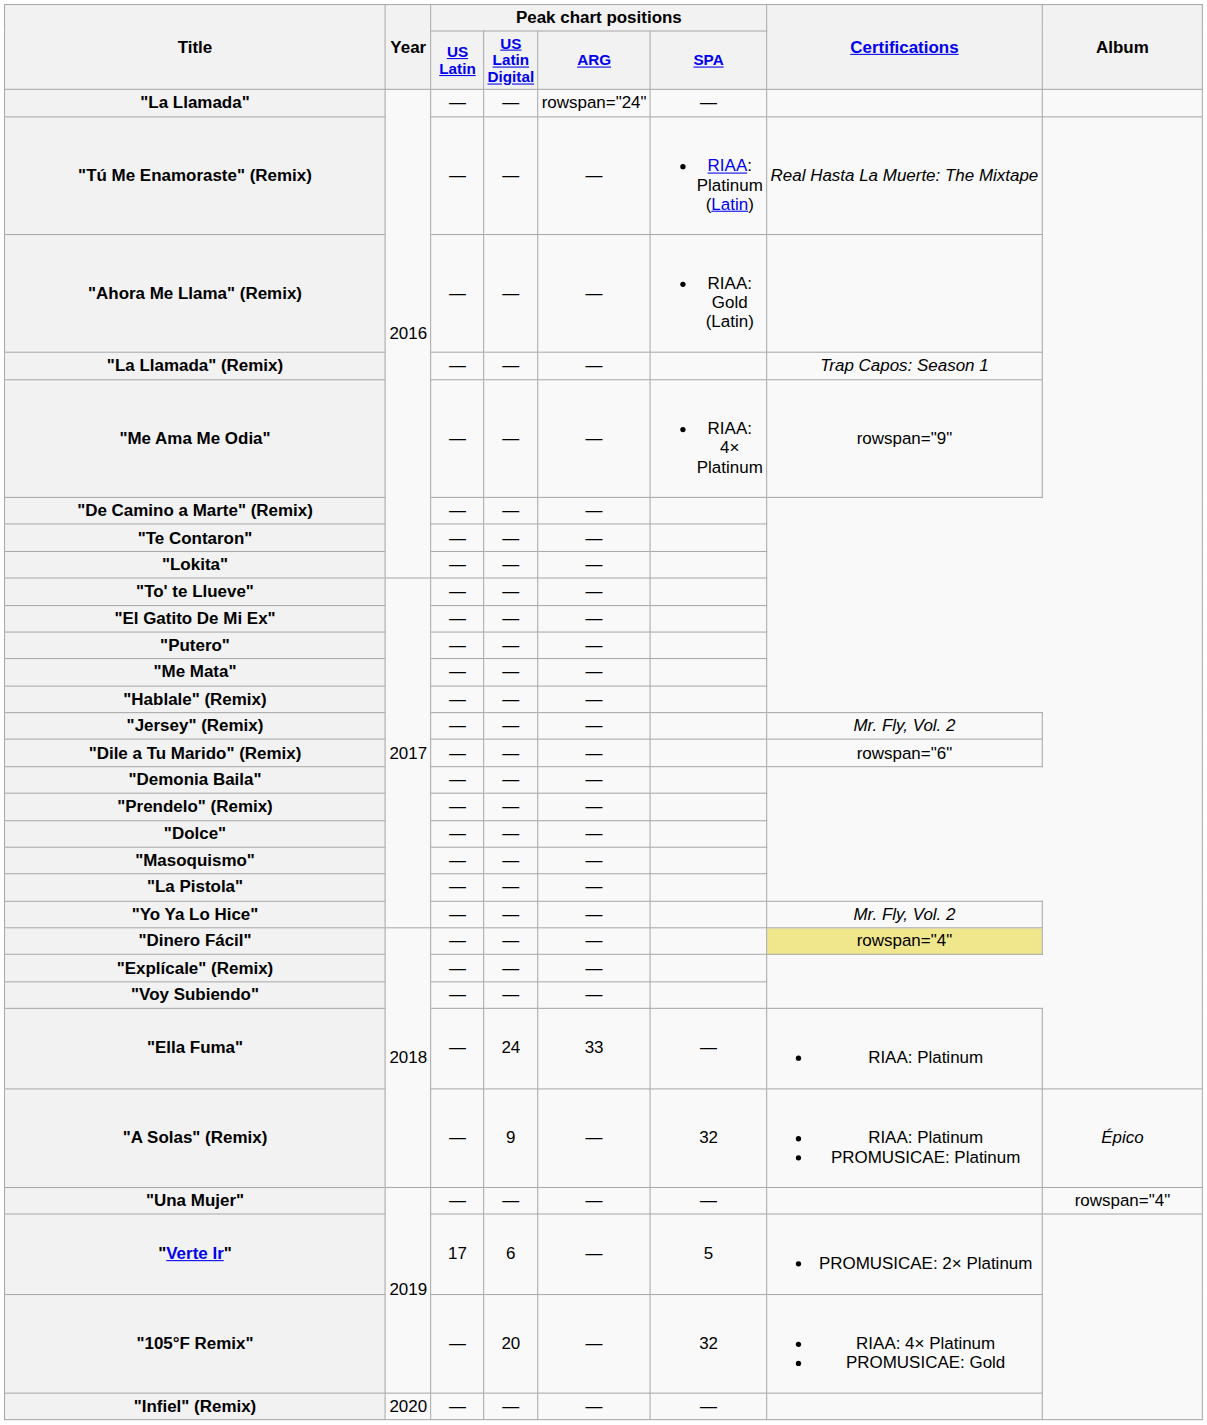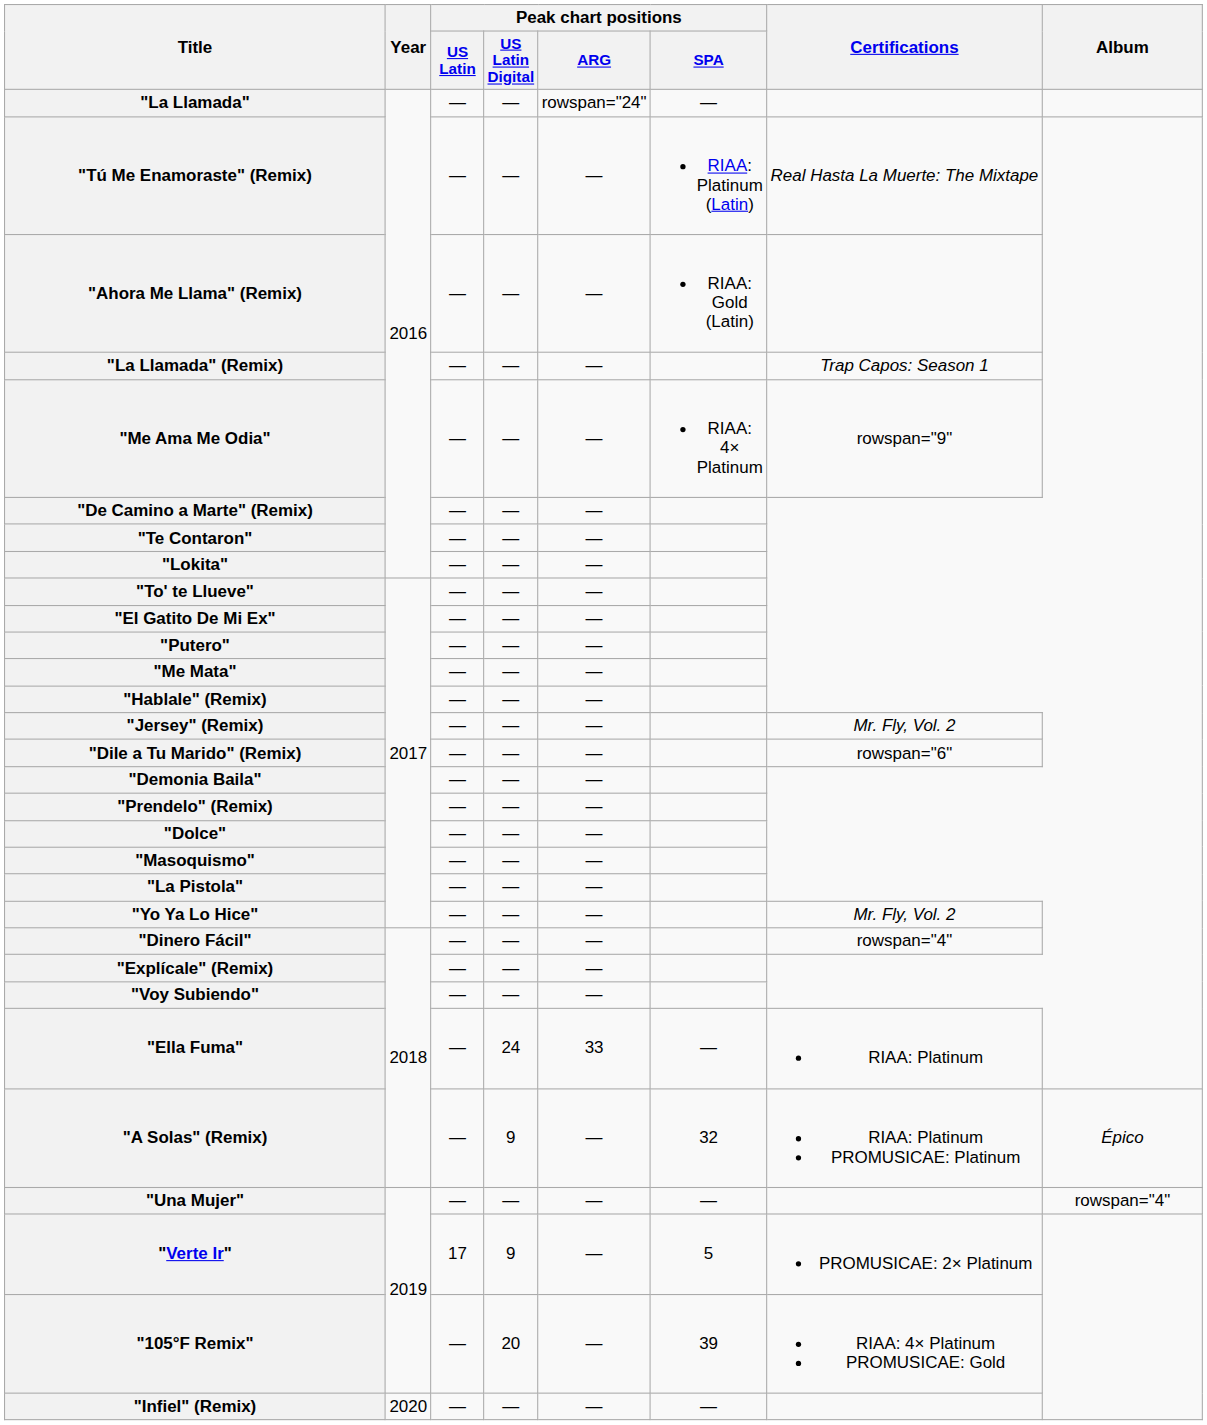 <table class="wikitable plainrowheaders" style="text-align:center;">
 <tr>
 <th scope="col" rowspan="2" style="width:22em;">Title</th>
 <th scope="col" rowspan="2" style="width:1em;">Year</th>
 <th scope="col" colspan="4">Peak chart positions</th>
 <th scope="col" rowspan="2"><a href='#'>Certifications</a></th>
 <th scope="col" rowspan="2" style="width:9em;">Album</th>
 </tr>
 <tr>
 <th scope="col" style="width:3em;font-size:90%;"><a href='#'>US<br>Latin</a><br></th>
 <th scope="col" style="width:3em;font-size:90%;"><a href='#'>US<br>Latin<br>Digital</a><br></th>
 <th scope="col" style="width:3em;font-size:90%;"><a href='#'>ARG</a><br></th>
 <th scope="col" style="width:3em;font-size:90%;"><a href='#'>SPA</a><br></th>
 </tr>
 <tr>
 <th scope="row">"La Llamada"<br></th>
 <td rowspan="8">2016</td>
 <td>—</td>
 <td>—</td>
 <td>rowspan="24" </td>
 <td>—</td>
 <td></td>
 <td></td>
 </tr>
 <tr>
 <th scope="row">"Tú Me Enamoraste" (Remix)<br></th>
 <td>—</td>
 <td>—</td>
 <td>—</td>
 <td><br><ul><li><a href='#'>RIAA</a>: Platinum <span>(<a href='#'>Latin</a>)</span></li></ul></td>
 <td><em>Real Hasta La Muerte: The Mixtape</em></td>
 </tr>
 <tr>
 <th scope="row">"Ahora Me Llama" (Remix)<br></th>
 <td>—</td>
 <td>—</td>
 <td>—</td>
 <td><br><ul><li>RIAA: Gold <span>(Latin)</span></li></ul></td>
 <td></td>
 </tr>
 <tr>
 <th scope="row">"La Llamada" (Remix)<br></th>
 <td>—</td>
 <td>—</td>
 <td>—</td>
 <td></td>
 <td><em>Trap Capos: Season 1</em></td>
 </tr>
 <tr>
 <th scope="row">"Me Ama Me Odia"<br></th>
 <td>—</td>
 <td>—</td>
 <td>—</td>
 <td><br><ul><li>RIAA: 4× Platinum </li></ul></td>
 <td>rowspan="9" </td>
 </tr>
 <tr>
 <th scope="row">"De Camino a Marte" (Remix)<br></th>
 <td>—</td>
 <td>—</td>
 <td>—</td>
 <td></td>
 </tr>
 <tr>
 <th scope="row">"Te Contaron"<br></th>
 <td>—</td>
 <td>—</td>
 <td>—</td>
 <td></td>
 </tr>
 <tr>
 <th scope="row">"Lokita"<br></th>
 <td>—</td>
 <td>—</td>
 <td>—</td>
 <td></td>
 </tr>
 <tr>
 <th scope="row">"To' te Llueve"<br></th>
 <td rowspan="13">2017</td>
 <td>—</td>
 <td>—</td>
 <td>—</td>
 <td></td>
 </tr>
 <tr>
 <th scope="row">"El Gatito De Mi Ex"<br></th>
 <td>—</td>
 <td>—</td>
 <td>—</td>
 <td></td>
 </tr>
 <tr>
 <th scope="row">"Putero"<br></th>
 <td>—</td>
 <td>—</td>
 <td>—</td>
 <td></td>
 </tr>
 <tr>
 <th scope="row">"Me Mata"<br></th>
 <td>—</td>
 <td>—</td>
 <td>—</td>
 <td></td>
 </tr>
 <tr>
 <th scope="row">"Hablale" (Remix)<br></th>
 <td>—</td>
 <td>—</td>
 <td>—</td>
 <td></td>
 </tr>
 <tr>
 <th scope="row">"Jersey" (Remix)<br></th>
 <td>—</td>
 <td>—</td>
 <td>—</td>
 <td></td>
 <td><em>Mr. Fly, Vol. 2</em></td>
 </tr>
 <tr>
 <th scope="row">"Dile a Tu Marido" (Remix)<br></th>
 <td>—</td>
 <td>—</td>
 <td>—</td>
 <td></td>
 <td>rowspan="6" </td>
 </tr>
 <tr>
 <th scope="row">"Demonia Baila"<br></th>
 <td>—</td>
 <td>—</td>
 <td>—</td>
 <td></td>
 </tr>
 <tr>
 <th scope="row">"Prendelo" (Remix)<br></th>
 <td>—</td>
 <td>—</td>
 <td>—</td>
 <td></td>
 </tr>
 <tr>
 <th scope="row">"Dolce"<br></th>
 <td>—</td>
 <td>—</td>
 <td>—</td>
 <td></td>
 </tr>
 <tr>
 <th scope="row">"Masoquismo"<br></th>
 <td>—</td>
 <td>—</td>
 <td>—</td>
 <td></td>
 </tr>
 <tr>
 <th scope="row">"La Pistola"<br></th>
 <td>—</td>
 <td>—</td>
 <td>—</td>
 <td></td>
 </tr>
 <tr>
 <th scope="row">"Yo Ya Lo Hice"<br></th>
 <td>—</td>
 <td>—</td>
 <td>—</td>
 <td></td>
 <td><em>Mr. Fly, Vol. 2</em></td>
 </tr>
 <tr>
 <th scope="row">"Dinero Fácil"<br></th>
 <td rowspan="5">2018</td>
 <td>—</td>
 <td>—</td>
 <td>—</td>
 <td></td>
-<td style="background: khaki;">rowspan="4" </td>
+<td>rowspan="4" </td>
 </tr>
 <tr>
 <th scope="row">"Explícale" (Remix)<br></th>
 <td>—</td>
 <td>—</td>
 <td>—</td>
 <td></td>
 </tr>
 <tr>
 <th scope="row">"Voy Subiendo"<br></th>
 <td>—</td>
 <td>—</td>
 <td>—</td>
 <td></td>
 </tr>
 <tr>
 <th scope="row">"Ella Fuma"<br></th>
 <td>—</td>
 <td>24</td>
 <td>33</td>
 <td>—</td>
 <td><br><ul><li>RIAA: Platinum </li></ul></td>
 </tr>
 <tr>
 <th scope="row">"A Solas" (Remix)<br></th>
 <td>—</td>
 <td>9</td>
 <td>—</td>
 <td>32</td>
 <td><br><ul><li>RIAA: Platinum </li><li>PROMUSICAE: Platinum</li></ul></td>
 <td><em>Épico</em></td>
 </tr>
 <tr>
 <th scope="row">"Una Mujer"<br></th>
 <td rowspan="3">2019</td>
 <td>—</td>
 <td>—</td>
 <td>—</td>
 <td>—</td>
 <td></td>
 <td>rowspan="4" </td>
 </tr>
 <tr>
 <th scope="row">"<a href='#'>Verte Ir</a>"<br></th>
 <td>17</td>
-<td>6</td>
+<td>9</td>
 <td>—</td>
 <td>5</td>
 <td><br><ul><li>PROMUSICAE: 2× Platinum</li></ul></td>
 </tr>
 <tr>
 <th scope="row">"105°F Remix"<br></th>
 <td>—</td>
 <td>20</td>
 <td>—</td>
-<td>32</td>
+<td>39</td>
 <td><br><ul><li>RIAA: 4× Platinum </li><li>PROMUSICAE: Gold</li></ul></td>
 </tr>
 <tr>
 <th scope="row">"Infiel" (Remix)<br></th>
 <td>2020</td>
 <td>—</td>
 <td>—</td>
 <td>—</td>
 <td>—</td>
 <td></td>
 </tr>
 </table>
